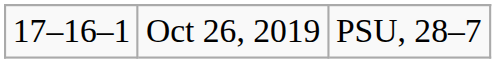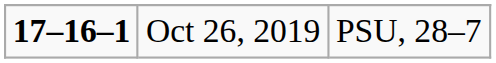 <table class="wikitable">
 <tr align="center">
 </tr>
 <tr align="center">
-<td>17–16–1</td>
+<td><strong>17–16–1</strong></td>
 <td>Oct 26, 2019</td>
 <td>PSU, 28–7</td>
 </tr>
 </table>
